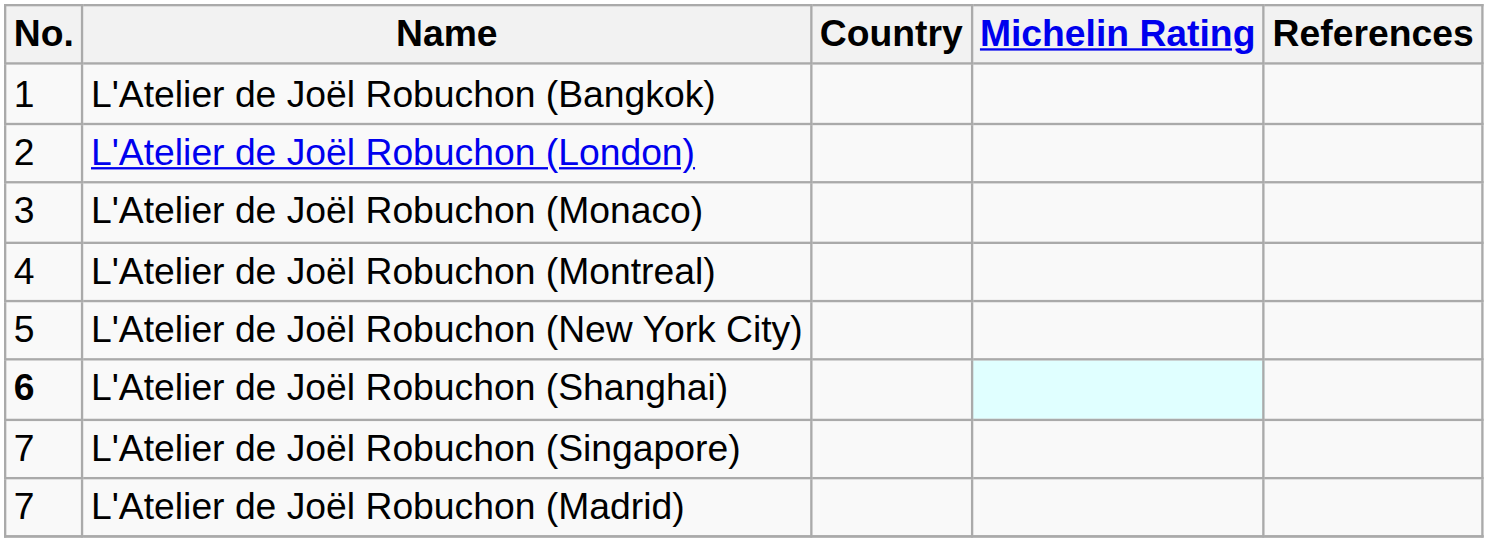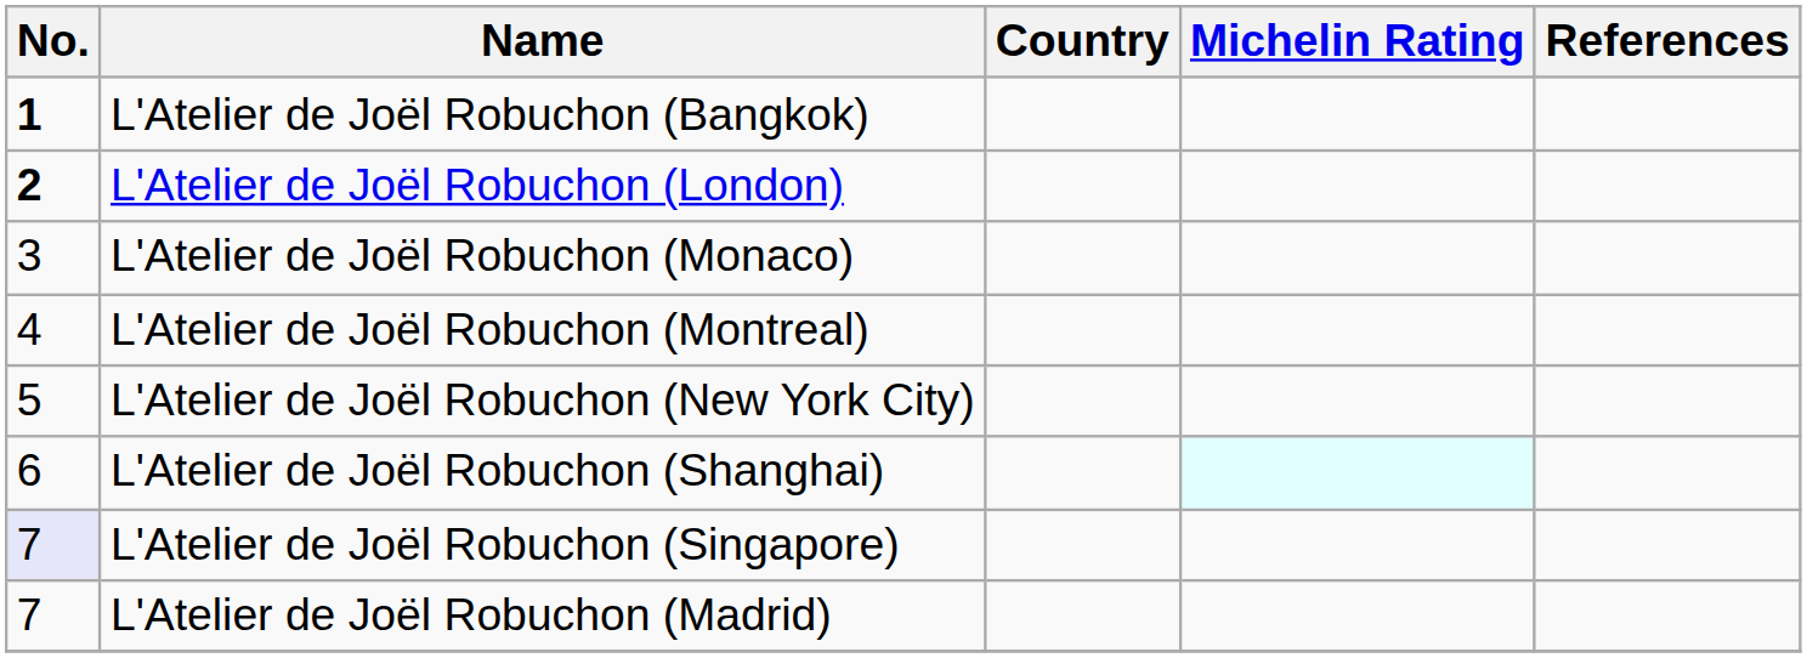 <table class="wikitable">
 <tr>
 <th scope="col">No.</th>
 <th scope="col">Name</th>
 <th scope="col">Country</th>
 <th scope="col"><a href='#'>Michelin Rating</a></th>
 <th scope="col">References</th>
 </tr>
 <tr>
-<td>1</td>
+<td><strong>1</strong></td>
 <td>L'Atelier de Joël Robuchon (Bangkok)</td>
 <td></td>
 <td></td>
 <td></td>
 </tr>
 <tr>
-<td>2</td>
+<td><strong>2</strong></td>
 <td><a href='#'>L'Atelier de Joël Robuchon (London)</a></td>
 <td></td>
 <td></td>
 <td></td>
 </tr>
 <tr>
 <td>3</td>
 <td>L'Atelier de Joël Robuchon (Monaco)</td>
 <td></td>
 <td></td>
 <td></td>
 </tr>
 <tr>
 <td>4</td>
 <td>L'Atelier de Joël Robuchon (Montreal)</td>
 <td></td>
 <td></td>
 <td></td>
 </tr>
 <tr>
 <td>5</td>
 <td>L'Atelier de Joël Robuchon (New York City)</td>
 <td></td>
 <td></td>
 <td></td>
 </tr>
 <tr>
-<td><strong>6</strong></td>
+<td>6</td>
 <td>L'Atelier de Joël Robuchon (Shanghai)</td>
 <td></td>
 <th scope="row" style="background-color:#E0FFFF"></th>
 <td></td>
 </tr>
 <tr>
-<td>7</td>
+<td style="background: lavender;">7</td>
 <td>L'Atelier de Joël Robuchon (Singapore)</td>
 <td></td>
 <td></td>
 <td></td>
 </tr>
 <tr>
 <td>7</td>
 <td>L'Atelier de Joël Robuchon (Madrid)</td>
 <td></td>
 <td></td>
 <td></td>
 </tr>
 <tr>
 </tr>
 </table>
